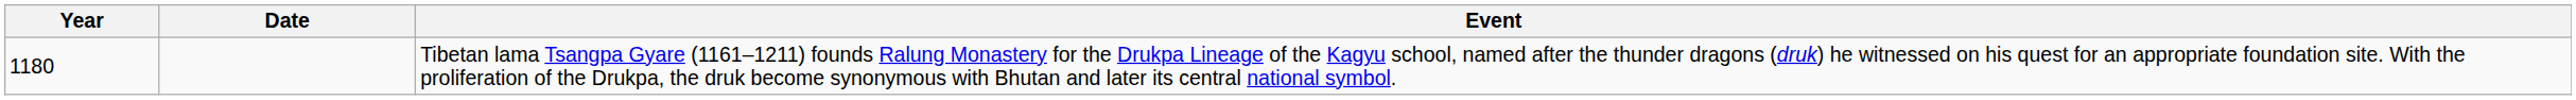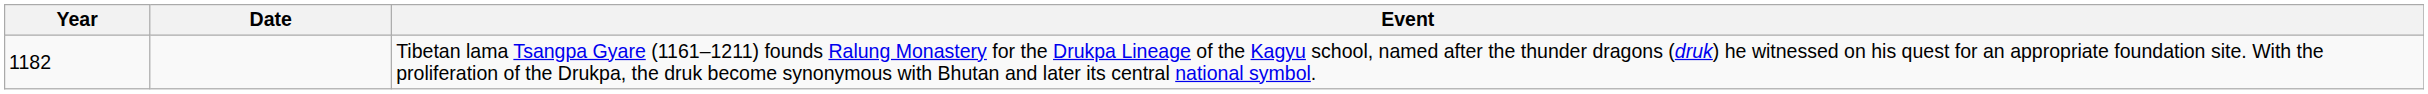 <table class="wikitable" width="100%">
 <tr>
 <th style="width:6%">Year</th>
 <th style="width:10%">Date</th>
 <th>Event</th>
 </tr>
 <tr>
-<td>1180</td>
+<td>1182</td>
 <td></td>
 <td>Tibetan lama <a href='#'>Tsangpa Gyare</a> (1161–1211) founds <a href='#'>Ralung Monastery</a> for the <a href='#'>Drukpa Lineage</a> of the <a href='#'>Kagyu</a> school, named after the thunder dragons (<em><a href='#'>druk</a></em>) he witnessed on his quest for an appropriate foundation site. With the proliferation of the Drukpa, the druk become synonymous with Bhutan and later its central <a href='#'>national symbol</a>.</td>
 </tr>
 </table>
